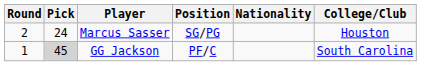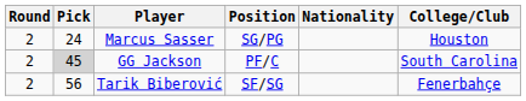 <table class="wikitable sortable sortable" style="text-align: center">
 <tr>
 <th>Round</th>
 <th>Pick</th>
 <th>Player</th>
 <th>Position</th>
 <th>Nationality</th>
 <th>College/Club</th>
 </tr>
 <tr style="text-align: center">
 <td>2</td>
 <td>24</td>
 <td><a href='#'>Marcus Sasser</a></td>
 <td><a href='#'>SG</a>/<a href='#'>PG</a></td>
 <td></td>
 <td><a href='#'>Houston</a> </td>
 </tr>
 <tr style="text-align: center">
-<td>1</td>
+<td>2</td>
 <td style="background: lightgrey;">45</td>
 <td><a href='#'>GG Jackson</a></td>
 <td><a href='#'>PF</a>/<a href='#'>C</a></td>
 <td></td>
 <td><a href='#'>South Carolina</a> </td>
 </tr>
+<tr style="text-align: guard">
+<td>2</td>
+<td>56</td>
+<td><a href='#'>Tarik Biberović</a></td>
+<td><a href='#'>SF</a>/<a href='#'>SG</a></td>
+<td><br></td>
+<td> <a href='#'>Fenerbahçe</a></td>
+</tr>
 </table>
